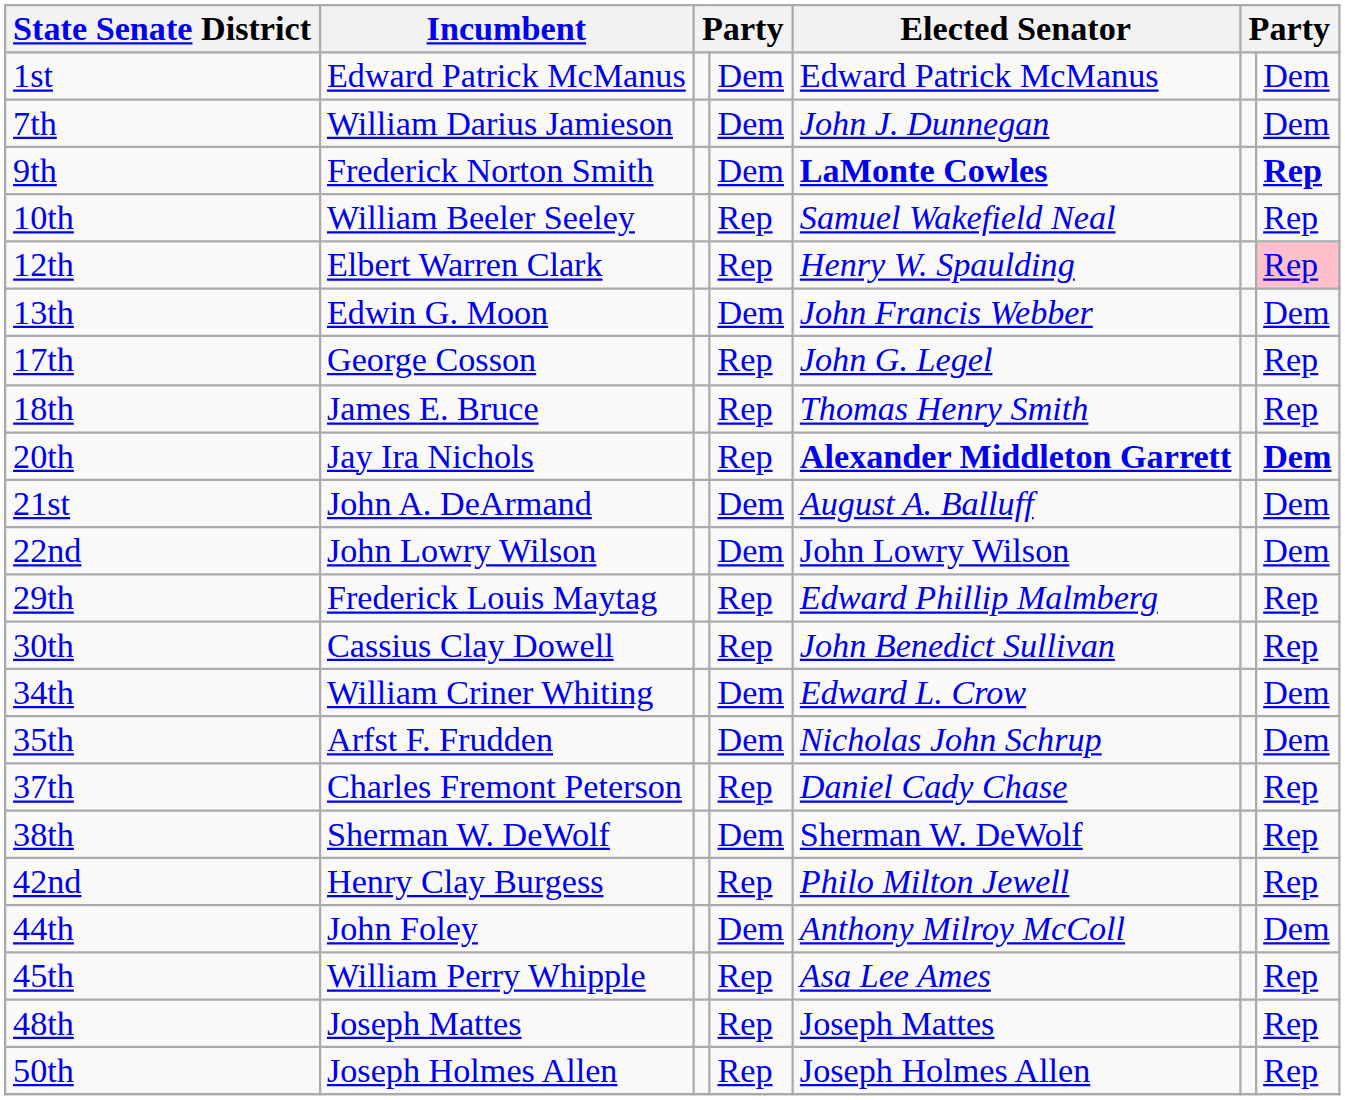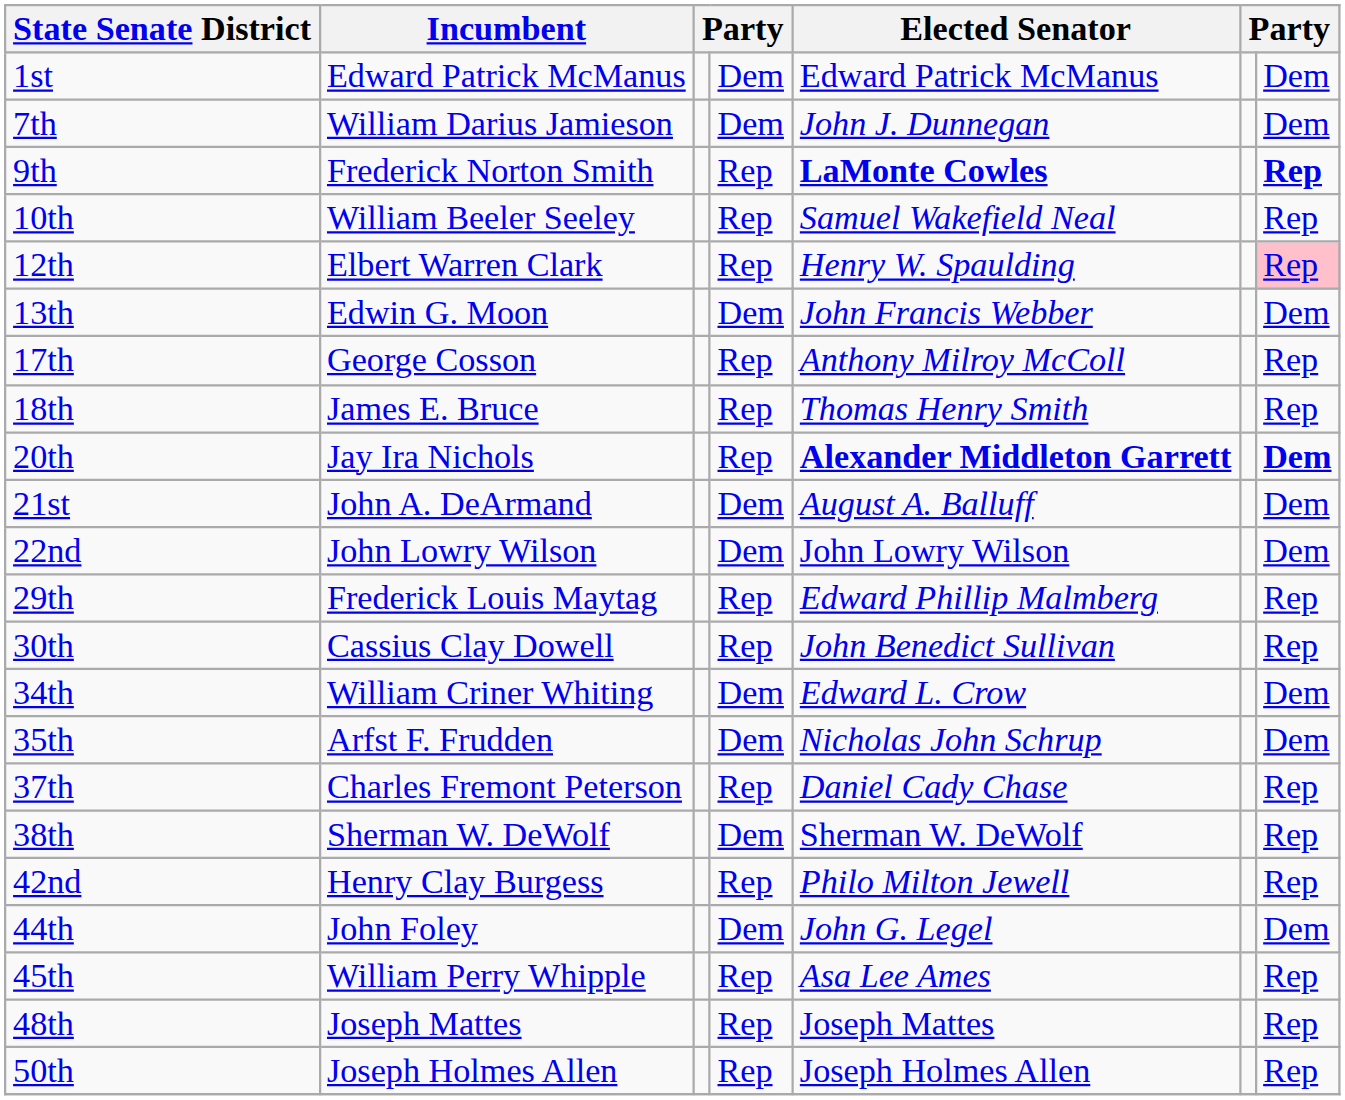 <table class="sortable wikitable" style="font-size:95%;line-height:14px;">
 <tr>
 <th class="sortable"><a href='#'>State Senate</a> District</th>
 <th class="unsortable"><a href='#'>Incumbent</a></th>
 <th colspan="2">Party</th>
 <th class="unsortable">Elected Senator</th>
 <th colspan="2">Party</th>
 </tr>
 <tr>
 <td><a href='#'>1st</a></td>
 <td><a href='#'>Edward Patrick McManus</a></td>
 <td style="background:"></td>
 <td><a href='#'>Dem</a></td>
 <td><a href='#'>Edward Patrick McManus</a></td>
 <td style="background:"></td>
 <td><a href='#'>Dem</a></td>
 </tr>
 <tr>
 <td><a href='#'>7th</a></td>
 <td><a href='#'>William Darius Jamieson</a></td>
 <td style="background:"></td>
 <td><a href='#'>Dem</a></td>
 <td><em><a href='#'>John J. Dunnegan</a></em></td>
 <td style="background:"></td>
 <td><a href='#'>Dem</a></td>
 </tr>
 <tr>
 <td><a href='#'>9th</a></td>
 <td><a href='#'>Frederick Norton Smith</a></td>
 <td style="background:"></td>
-<td><a href='#'>Dem</a></td>
+<td><a href='#'>Rep</a></td>
 <td><strong><a href='#'>LaMonte Cowles</a></strong></td>
 <td style="background:"></td>
 <td><strong><a href='#'>Rep</a></strong></td>
 </tr>
 <tr>
 <td><a href='#'>10th</a></td>
 <td><a href='#'>William Beeler Seeley</a></td>
 <td style="background:"></td>
 <td><a href='#'>Rep</a></td>
 <td><em><a href='#'>Samuel Wakefield Neal</a></em></td>
 <td style="background:"></td>
 <td><a href='#'>Rep</a></td>
 </tr>
 <tr>
 <td><a href='#'>12th</a></td>
 <td><a href='#'>Elbert Warren Clark</a></td>
 <td style="background:"></td>
 <td><a href='#'>Rep</a></td>
 <td><em><a href='#'>Henry W. Spaulding</a></em></td>
 <td style="background:"></td>
 <td style="background: pink;"><a href='#'>Rep</a></td>
 </tr>
 <tr>
 <td><a href='#'>13th</a></td>
 <td><a href='#'>Edwin G. Moon</a></td>
 <td style="background:"></td>
 <td><a href='#'>Dem</a></td>
 <td><em><a href='#'>John Francis Webber</a></em></td>
 <td style="background:"></td>
 <td><a href='#'>Dem</a></td>
 </tr>
 <tr>
 <td><a href='#'>17th</a></td>
 <td><a href='#'>George Cosson</a></td>
 <td style="background:"></td>
 <td><a href='#'>Rep</a></td>
-<td><em><a href='#'>John G. Legel</a></em></td>
+<td><em><a href='#'>Anthony Milroy McColl</a></em></td>
 <td style="background:"></td>
 <td><a href='#'>Rep</a></td>
 </tr>
 <tr>
 <td><a href='#'>18th</a></td>
 <td><a href='#'>James E. Bruce</a></td>
 <td style="background:"></td>
 <td><a href='#'>Rep</a></td>
 <td><em><a href='#'>Thomas Henry Smith</a></em></td>
 <td style="background:"></td>
 <td><a href='#'>Rep</a></td>
 </tr>
 <tr>
 <td><a href='#'>20th</a></td>
 <td><a href='#'>Jay Ira Nichols</a></td>
 <td style="background:"></td>
 <td><a href='#'>Rep</a></td>
 <td><strong><a href='#'>Alexander Middleton Garrett</a></strong></td>
 <td style="background:"></td>
 <td><strong><a href='#'>Dem</a></strong></td>
 </tr>
 <tr>
 <td><a href='#'>21st</a></td>
 <td><a href='#'>John A. DeArmand</a></td>
 <td style="background:"></td>
 <td><a href='#'>Dem</a></td>
 <td><em><a href='#'>August A. Balluff</a></em></td>
 <td style="background:"></td>
 <td><a href='#'>Dem</a></td>
 </tr>
 <tr>
 <td><a href='#'>22nd</a></td>
 <td><a href='#'>John Lowry Wilson</a></td>
 <td style="background:"></td>
 <td><a href='#'>Dem</a></td>
 <td><a href='#'>John Lowry Wilson</a></td>
 <td style="background:"></td>
 <td><a href='#'>Dem</a></td>
 </tr>
 <tr>
 <td><a href='#'>29th</a></td>
 <td><a href='#'>Frederick Louis Maytag</a></td>
 <td style="background:"></td>
 <td><a href='#'>Rep</a></td>
 <td><em><a href='#'>Edward Phillip Malmberg</a></em></td>
 <td style="background:"></td>
 <td><a href='#'>Rep</a></td>
 </tr>
 <tr>
 <td><a href='#'>30th</a></td>
 <td><a href='#'>Cassius Clay Dowell</a></td>
 <td style="background:"></td>
 <td><a href='#'>Rep</a></td>
 <td><em><a href='#'>John Benedict Sullivan</a></em></td>
 <td style="background:"></td>
 <td><a href='#'>Rep</a></td>
 </tr>
 <tr>
 <td><a href='#'>34th</a></td>
 <td><a href='#'>William Criner Whiting</a></td>
 <td style="background:"></td>
 <td><a href='#'>Dem</a></td>
 <td><em><a href='#'>Edward L. Crow</a></em></td>
 <td style="background:"></td>
 <td><a href='#'>Dem</a></td>
 </tr>
 <tr>
 <td><a href='#'>35th</a></td>
 <td><a href='#'>Arfst F. Frudden</a></td>
 <td style="background:"></td>
 <td><a href='#'>Dem</a></td>
 <td><em><a href='#'>Nicholas John Schrup</a></em></td>
 <td style="background:"></td>
 <td><a href='#'>Dem</a></td>
 </tr>
 <tr>
 <td><a href='#'>37th</a></td>
 <td><a href='#'>Charles Fremont Peterson</a></td>
 <td style="background:"></td>
 <td><a href='#'>Rep</a></td>
 <td><em><a href='#'>Daniel Cady Chase</a></em></td>
 <td style="background:"></td>
 <td><a href='#'>Rep</a></td>
 </tr>
 <tr>
 <td><a href='#'>38th</a></td>
 <td><a href='#'>Sherman W. DeWolf</a></td>
 <td style="background:"></td>
 <td><a href='#'>Dem</a></td>
 <td><a href='#'>Sherman W. DeWolf</a></td>
 <td style="background:"></td>
 <td><a href='#'>Rep</a></td>
 </tr>
 <tr>
 <td><a href='#'>42nd</a></td>
 <td><a href='#'>Henry Clay Burgess</a></td>
 <td style="background:"></td>
 <td><a href='#'>Rep</a></td>
 <td><em><a href='#'>Philo Milton Jewell</a></em></td>
 <td style="background:"></td>
 <td><a href='#'>Rep</a></td>
 </tr>
 <tr>
 <td><a href='#'>44th</a></td>
 <td><a href='#'>John Foley</a></td>
 <td style="background:"></td>
 <td><a href='#'>Dem</a></td>
-<td><em><a href='#'>Anthony Milroy McColl</a></em></td>
+<td><em><a href='#'>John G. Legel</a></em></td>
 <td style="background:"></td>
 <td><a href='#'>Dem</a></td>
 </tr>
 <tr>
 <td><a href='#'>45th</a></td>
 <td><a href='#'>William Perry Whipple</a></td>
 <td style="background:"></td>
 <td><a href='#'>Rep</a></td>
 <td><em><a href='#'>Asa Lee Ames</a></em></td>
 <td style="background:"></td>
 <td><a href='#'>Rep</a></td>
 </tr>
 <tr>
 <td><a href='#'>48th</a></td>
 <td><a href='#'>Joseph Mattes</a></td>
 <td style="background:"></td>
 <td><a href='#'>Rep</a></td>
 <td><a href='#'>Joseph Mattes</a></td>
 <td style="background:"></td>
 <td><a href='#'>Rep</a></td>
 </tr>
 <tr>
 <td><a href='#'>50th</a></td>
 <td><a href='#'>Joseph Holmes Allen</a></td>
 <td style="background:"></td>
 <td><a href='#'>Rep</a></td>
 <td><a href='#'>Joseph Holmes Allen</a></td>
 <td style="background:"></td>
 <td><a href='#'>Rep</a></td>
 </tr>
 <tr>
 </tr>
 </table>
